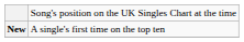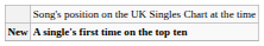 <table class="wikitable plainrowheaders" style="font-size:90%;">
 <tr>
 <th scope=col></th>
 <td>Song's position on the UK Singles Chart at the time</td>
 </tr>
 <tr>
 <th scope=row style="text-align:center;">New</th>
-<td>A single's first time on the top ten</td>
+<td><strong>A single's first time on the top ten</strong></td>
 </tr>
 <tr>
 </tr>
 </table>
